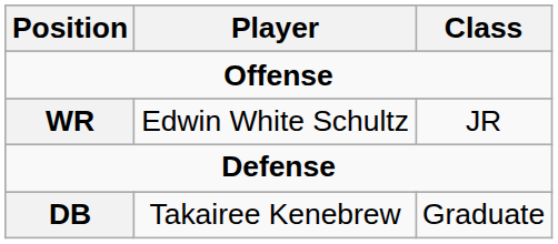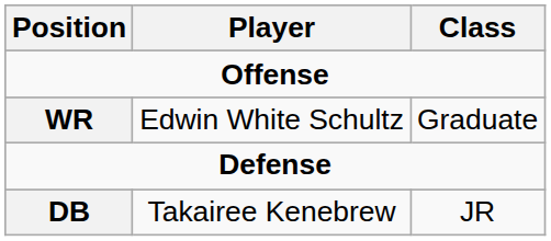 <table class="wikitable">
 <tr>
 <th>Position</th>
 <th>Player</th>
 <th>Class</th>
 </tr>
 <tr>
 <td colspan="4" style="text-align:center; "><strong>Offense</strong></td>
 </tr>
 <tr style="text-align:center;">
 <th rowspan="1">WR</th>
 <td>Edwin White Schultz</td>
-<td> JR</td>
+<td> Graduate</td>
 </tr>
 <tr>
 <td colspan="4" style="text-align:center; "><strong>Defense</strong></td>
 </tr>
 <tr style="text-align:center;">
 <th rowspan="1">DB</th>
 <td>Takairee Kenebrew</td>
-<td> Graduate</td>
+<td> JR</td>
 </tr>
 </table>
